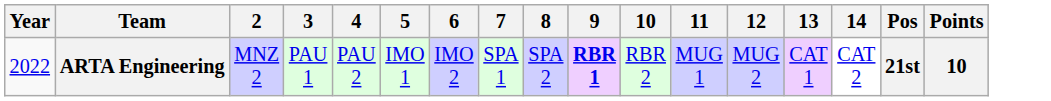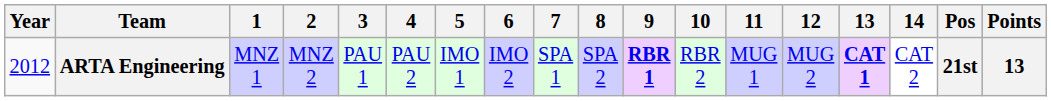 <table class="wikitable" style="text-align:center; font-size:85%">
 <tr>
 <th>Year</th>
 <th>Team</th>
+<th>1</th>
 <th>2</th>
 <th>3</th>
 <th>4</th>
 <th>5</th>
 <th>6</th>
 <th>7</th>
 <th>8</th>
 <th>9</th>
 <th>10</th>
 <th>11</th>
 <th>12</th>
 <th>13</th>
 <th>14</th>
 <th>Pos</th>
 <th>Points</th>
 </tr>
 <tr>
-<td><a href='#'>2022</a></td>
+<td><a href='#'>2012</a></td>
 <th nowrap>ARTA Engineering</th>
+<td style="background:#CFCFFF;"><a href='#'>MNZ<br>1</a><br></td>
 <td style="background:#CFCFFF;"><a href='#'>MNZ<br>2</a><br></td>
 <td style="background:#DFFFDF;"><a href='#'>PAU<br>1</a><br></td>
 <td style="background:#DFFFDF;"><a href='#'>PAU<br>2</a><br></td>
 <td style="background:#DFFFDF;"><a href='#'>IMO<br>1</a><br></td>
 <td style="background:#CFCFFF;"><a href='#'>IMO<br>2</a><br></td>
 <td style="background:#DFFFDF;"><a href='#'>SPA<br>1</a><br></td>
 <td style="background:#CFCFFF;"><a href='#'>SPA<br>2</a><br></td>
 <td style="background:#EFCFFF;"><strong><a href='#'>RBR<br>1</a><br></strong></td>
 <td style="background:#DFFFDF;"><a href='#'>RBR<br>2</a><br></td>
 <td style="background:#CFCFFF;"><a href='#'>MUG<br>1</a><br></td>
 <td style="background:#CFCFFF;"><a href='#'>MUG<br>2</a><br></td>
-<td style="background:#EFCFFF;"><a href='#'>CAT<br>1</a><br></td>
+<td style="background:#EFCFFF;"><strong><a href='#'>CAT<br>1</a><br></strong></td>
 <td style="background:#FFFFFF;"><a href='#'>CAT<br>2</a><br></td>
 <th>21st</th>
-<th>10</th>
+<th>13</th>
 </tr>
 </table>
